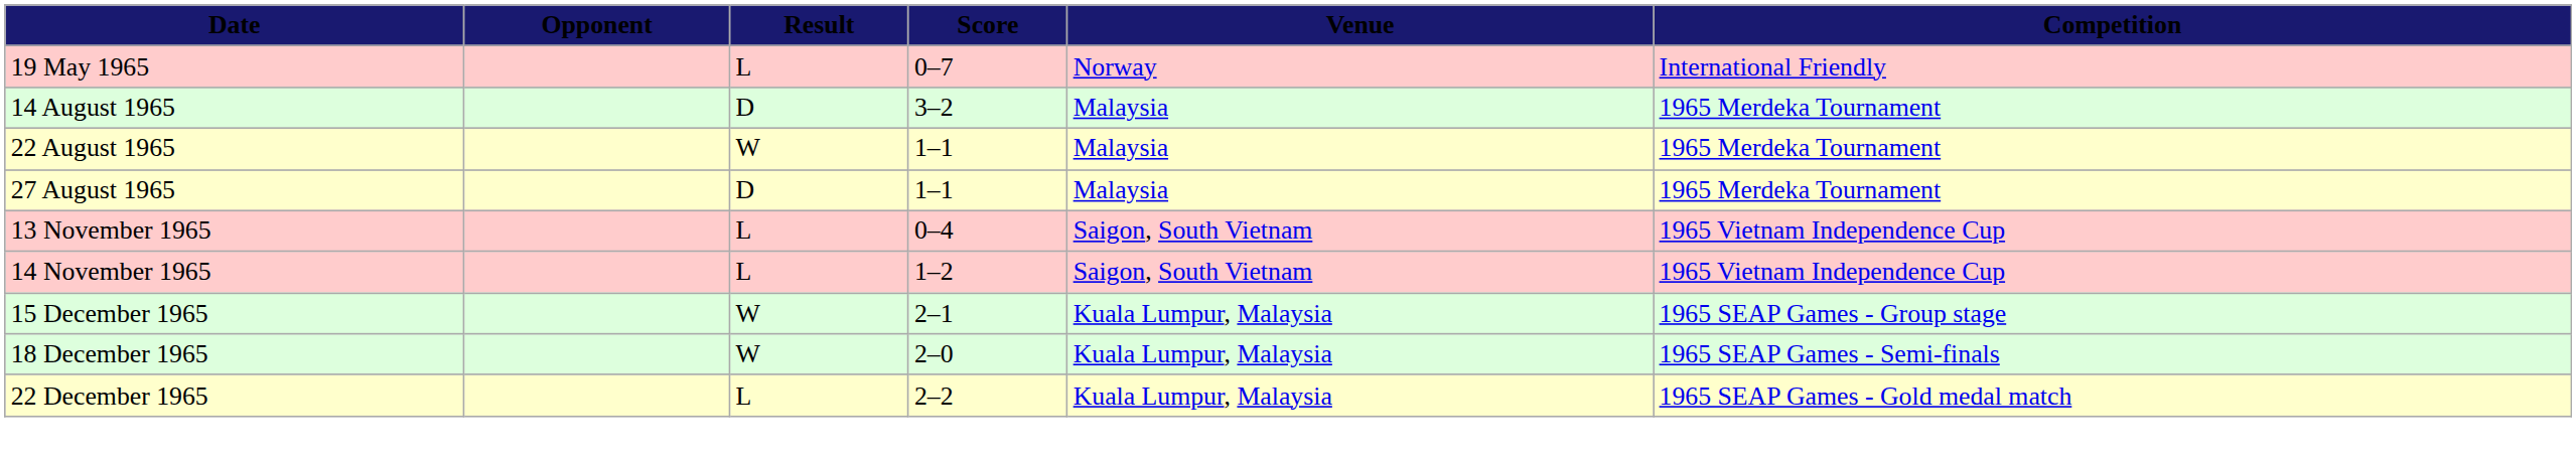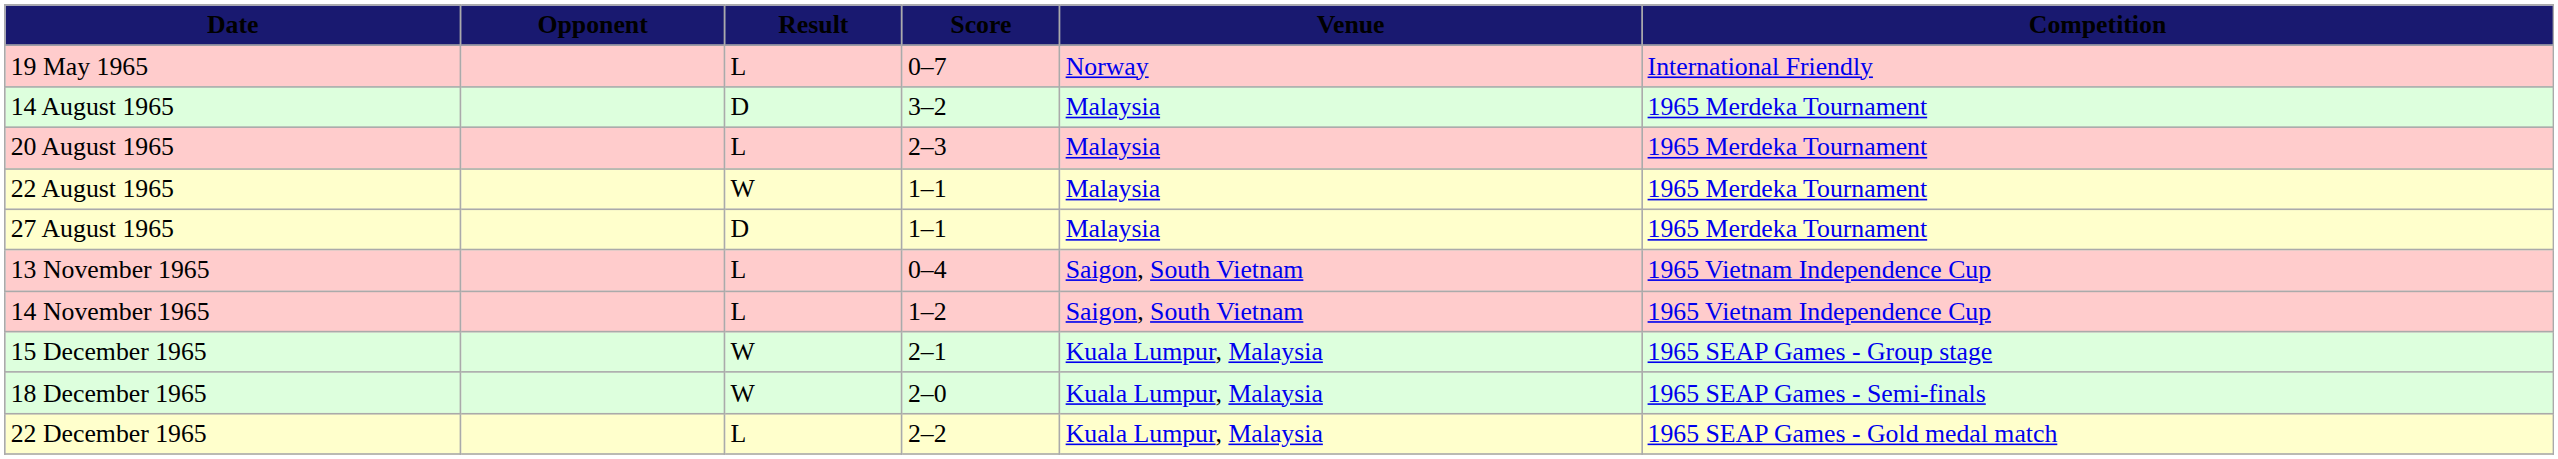 <table style="width:100%;" class="wikitable">
 <tr>
 <th style="background:#191970;"><span>Date</span></th>
 <th style="background:#191970;"><span>Opponent</span></th>
 <th style="background:#191970;"><span>Result</span></th>
 <th style="background:#191970;"><span>Score</span></th>
 <th style="background:#191970;"><span>Venue</span></th>
 <th style="background:#191970;"><span>Competition</span></th>
 </tr>
 <tr style="background:#fcc;">
 <td>19 May 1965</td>
 <td></td>
 <td>L</td>
 <td>0–7</td>
 <td> <a href='#'>Norway</a></td>
 <td><a href='#'>International Friendly</a></td>
 </tr>
 <tr style="background:#dfd;">
 <td>14 August 1965</td>
 <td></td>
 <td>D</td>
 <td>3–2</td>
+<td> <a href='#'>Malaysia</a></td>
+<td><a href='#'>1965 Merdeka Tournament</a></td>
+</tr>
+<tr style="background:#fcc;">
+<td>20 August 1965</td>
+<td></td>
+<td>L</td>
+<td>2–3</td>
 <td> <a href='#'>Malaysia</a></td>
 <td><a href='#'>1965 Merdeka Tournament</a></td>
 </tr>
 <tr style="background:#ffc;">
 <td>22 August 1965</td>
 <td></td>
 <td>W</td>
 <td>1–1</td>
 <td> <a href='#'>Malaysia</a></td>
 <td><a href='#'>1965 Merdeka Tournament</a></td>
 </tr>
 <tr style="background:#ffc;">
 <td>27 August 1965</td>
 <td></td>
 <td>D</td>
 <td>1–1</td>
 <td> <a href='#'>Malaysia</a></td>
 <td><a href='#'>1965 Merdeka Tournament</a></td>
 </tr>
 <tr style="background:#fcc;">
 <td>13 November 1965</td>
 <td></td>
 <td>L</td>
 <td>0–4</td>
 <td> <a href='#'>Saigon</a>, <a href='#'>South Vietnam</a></td>
 <td><a href='#'>1965 Vietnam Independence Cup</a></td>
 </tr>
 <tr style="background:#fcc;">
 <td>14 November 1965</td>
 <td></td>
 <td>L</td>
 <td>1–2</td>
 <td> <a href='#'>Saigon</a>, <a href='#'>South Vietnam</a></td>
 <td><a href='#'>1965 Vietnam Independence Cup</a></td>
 </tr>
 <tr style="background:#dfd;">
 <td>15 December 1965</td>
 <td></td>
 <td>W</td>
 <td>2–1</td>
 <td> <a href='#'>Kuala Lumpur</a>, <a href='#'>Malaysia</a></td>
 <td><a href='#'>1965 SEAP Games - Group stage</a></td>
 </tr>
 <tr style="background:#dfd;">
 <td>18 December 1965</td>
 <td></td>
 <td>W</td>
 <td>2–0</td>
 <td> <a href='#'>Kuala Lumpur</a>, <a href='#'>Malaysia</a></td>
 <td><a href='#'>1965 SEAP Games - Semi-finals</a></td>
 </tr>
 <tr style="background:#ffc;">
 <td>22 December 1965</td>
 <td></td>
 <td>L</td>
 <td>2–2</td>
 <td> <a href='#'>Kuala Lumpur</a>, <a href='#'>Malaysia</a></td>
 <td><a href='#'>1965 SEAP Games - Gold medal match</a></td>
 </tr>
 </table>
